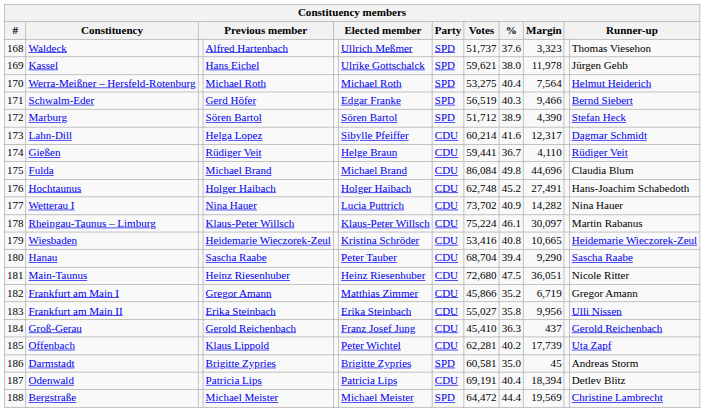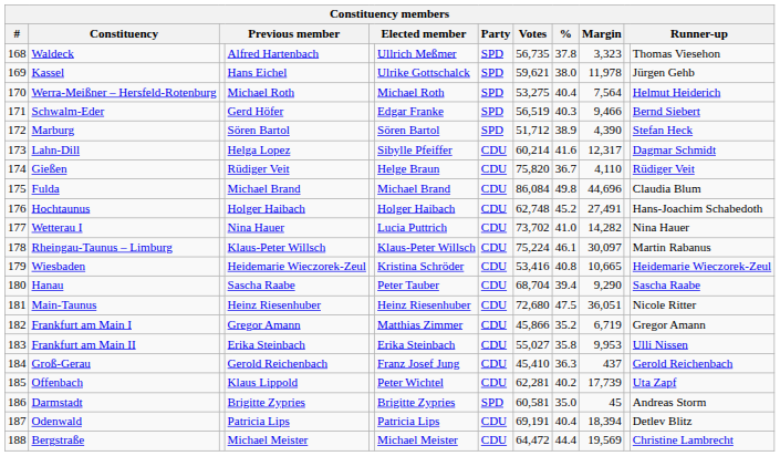 <table class="wikitable sortable" style="text-align:right">
 <tr>
 <th colspan="12">Constituency members</th>
 </tr>
 <tr>
 <th>#</th>
 <th>Constituency</th>
 <th colspan="2">Previous member</th>
 <th colspan="2">Elected member</th>
 <th>Party</th>
 <th>Votes</th>
 <th>%</th>
 <th>Margin</th>
 <th colspan="2">Runner-up</th>
 </tr>
 <tr>
 <td>168</td>
 <td align=left><a href='#'>Waldeck</a></td>
 <td bgcolor=></td>
 <td align=left><a href='#'>Alfred Hartenbach</a></td>
 <td></td>
 <td align=left><a href='#'>Ullrich Meßmer</a></td>
 <td align="left"><a href='#'>SPD</a></td>
-<td>51,737</td>
-<td>37.6</td>
+<td>56,735</td>
+<td>37.8</td>
 <td>3,323</td>
 <td bgcolor=></td>
 <td align=left>Thomas Viesehon</td>
 </tr>
 <tr>
 <td>169</td>
 <td align=left><a href='#'>Kassel</a></td>
 <td bgcolor=></td>
 <td align=left><a href='#'>Hans Eichel</a></td>
 <td bgcolor=></td>
 <td align=left><a href='#'>Ulrike Gottschalck</a></td>
 <td align="left"><a href='#'>SPD</a></td>
 <td>59,621</td>
 <td>38.0</td>
 <td>11,978</td>
 <td bgcolor=></td>
 <td align=left>Jürgen Gehb</td>
 </tr>
 <tr>
 <td>170</td>
 <td align=left><a href='#'>Werra-Meißner – Hersfeld-Rotenburg</a></td>
 <td bgcolor=></td>
 <td align=left><a href='#'>Michael Roth</a></td>
 <td bgcolor=></td>
 <td align=left><a href='#'>Michael Roth</a></td>
 <td align=left><a href='#'>SPD</a></td>
 <td>53,275</td>
 <td>40.4</td>
 <td>7,564</td>
 <td bgcolor=></td>
 <td align=left><a href='#'>Helmut Heiderich</a></td>
 </tr>
 <tr>
 <td>171</td>
 <td align=left><a href='#'>Schwalm-Eder</a></td>
 <td bgcolor=></td>
 <td align=left><a href='#'>Gerd Höfer</a></td>
 <td></td>
 <td align=left><a href='#'>Edgar Franke</a></td>
 <td align=left><a href='#'>SPD</a></td>
 <td>56,519</td>
 <td>40.3</td>
 <td>9,466</td>
 <td bgcolor=></td>
 <td align=left><a href='#'>Bernd Siebert</a></td>
 </tr>
 <tr>
 <td>172</td>
 <td align=left><a href='#'>Marburg</a></td>
 <td bgcolor=></td>
 <td align=left><a href='#'>Sören Bartol</a></td>
 <td bgcolor=></td>
 <td align=left><a href='#'>Sören Bartol</a></td>
 <td align=left><a href='#'>SPD</a></td>
 <td>51,712</td>
 <td>38.9</td>
 <td>4,390</td>
 <td bgcolor=></td>
 <td align=left><a href='#'>Stefan Heck</a></td>
 </tr>
 <tr>
 <td>173</td>
 <td align=left><a href='#'>Lahn-Dill</a></td>
 <td bgcolor=></td>
 <td align=left><a href='#'>Helga Lopez</a></td>
 <td></td>
 <td align=left><a href='#'>Sibylle Pfeiffer</a></td>
 <td align="left"><a href='#'>CDU</a></td>
 <td>60,214</td>
 <td>41.6</td>
 <td>12,317</td>
 <td bgcolor=></td>
 <td align=left><a href='#'>Dagmar Schmidt</a></td>
 </tr>
 <tr>
 <td>174</td>
 <td align=left><a href='#'>Gießen</a></td>
 <td bgcolor=></td>
 <td align=left><a href='#'>Rüdiger Veit</a></td>
 <td></td>
 <td align=left><a href='#'>Helge Braun</a></td>
 <td align=left><a href='#'>CDU</a></td>
-<td>59,441</td>
+<td>75,820</td>
 <td>36.7</td>
 <td>4,110</td>
 <td bgcolor=></td>
 <td align=left><a href='#'>Rüdiger Veit</a></td>
 </tr>
 <tr>
 <td>175</td>
 <td align=left><a href='#'>Fulda</a></td>
 <td bgcolor=></td>
 <td align=left><a href='#'>Michael Brand</a></td>
 <td bgcolor=></td>
 <td align=left><a href='#'>Michael Brand</a></td>
 <td align=left><a href='#'>CDU</a></td>
 <td>86,084</td>
 <td>49.8</td>
 <td>44,696</td>
 <td bgcolor=></td>
 <td align=left>Claudia Blum</td>
 </tr>
 <tr>
 <td>176</td>
 <td align=left><a href='#'>Hochtaunus</a></td>
 <td bgcolor=></td>
 <td align=left><a href='#'>Holger Haibach</a></td>
 <td></td>
 <td align=left><a href='#'>Holger Haibach</a></td>
 <td align="left"><a href='#'>CDU</a></td>
 <td>62,748</td>
 <td>45.2</td>
 <td>27,491</td>
 <td bgcolor=></td>
 <td align=left>Hans-Joachim Schabedoth</td>
 </tr>
 <tr>
 <td>177</td>
 <td align=left><a href='#'>Wetterau I</a></td>
 <td bgcolor=></td>
 <td align=left><a href='#'>Nina Hauer</a></td>
 <td></td>
 <td align=left><a href='#'>Lucia Puttrich</a></td>
 <td align="left"><a href='#'>CDU</a></td>
 <td>73,702</td>
-<td>40.9</td>
+<td>41.0</td>
 <td>14,282</td>
 <td bgcolor=></td>
 <td align=left>Nina Hauer</td>
 </tr>
 <tr>
 <td>178</td>
 <td align=left><a href='#'>Rheingau-Taunus – Limburg</a></td>
 <td bgcolor=></td>
 <td align=left><a href='#'>Klaus-Peter Willsch</a></td>
 <td bgcolor=></td>
 <td align=left><a href='#'>Klaus-Peter Willsch</a></td>
 <td align=left><a href='#'>CDU</a></td>
 <td>75,224</td>
 <td>46.1</td>
 <td>30,097</td>
 <td bgcolor=></td>
 <td align=left>Martin Rabanus</td>
 </tr>
 <tr>
 <td>179</td>
 <td align=left><a href='#'>Wiesbaden</a></td>
 <td bgcolor=></td>
 <td align=left><a href='#'>Heidemarie Wieczorek-Zeul</a></td>
 <td bgcolor=></td>
 <td align=left><a href='#'>Kristina Schröder</a></td>
 <td align=left><a href='#'>CDU</a></td>
 <td>53,416</td>
 <td>40.8</td>
 <td>10,665</td>
 <td bgcolor=></td>
 <td align=left><a href='#'>Heidemarie Wieczorek-Zeul</a></td>
 </tr>
 <tr>
 <td>180</td>
 <td align=left><a href='#'>Hanau</a></td>
 <td bgcolor=></td>
 <td align=left><a href='#'>Sascha Raabe</a></td>
 <td bgcolor=></td>
 <td align=left><a href='#'>Peter Tauber</a></td>
 <td align=left><a href='#'>CDU</a></td>
 <td>68,704</td>
 <td>39.4</td>
 <td>9,290</td>
 <td bgcolor=></td>
 <td align=left><a href='#'>Sascha Raabe</a></td>
 </tr>
 <tr>
 <td>181</td>
 <td align=left><a href='#'>Main-Taunus</a></td>
 <td bgcolor=></td>
 <td align=left><a href='#'>Heinz Riesenhuber</a></td>
 <td bgcolor=></td>
 <td align=left><a href='#'>Heinz Riesenhuber</a></td>
 <td align=left><a href='#'>CDU</a></td>
 <td>72,680</td>
 <td>47.5</td>
 <td>36,051</td>
 <td bgcolor=></td>
 <td align=left>Nicole Ritter</td>
 </tr>
 <tr>
 <td>182</td>
 <td align=left><a href='#'>Frankfurt am Main I</a></td>
 <td bgcolor=></td>
 <td align=left><a href='#'>Gregor Amann</a></td>
 <td bgcolor=></td>
 <td align=left><a href='#'>Matthias Zimmer</a></td>
 <td align=left><a href='#'>CDU</a></td>
 <td>45,866</td>
 <td>35.2</td>
 <td>6,719</td>
 <td bgcolor=></td>
 <td align=left>Gregor Amann</td>
 </tr>
 <tr>
 <td>183</td>
 <td align=left><a href='#'>Frankfurt am Main II</a></td>
 <td bgcolor=></td>
 <td align=left><a href='#'>Erika Steinbach</a></td>
 <td bgcolor=></td>
 <td align=left><a href='#'>Erika Steinbach</a></td>
 <td align=left><a href='#'>CDU</a></td>
 <td>55,027</td>
 <td>35.8</td>
-<td>9,956</td>
+<td>9,953</td>
 <td bgcolor=></td>
 <td align=left><a href='#'>Ulli Nissen</a></td>
 </tr>
 <tr>
 <td>184</td>
 <td align=left><a href='#'>Groß-Gerau</a></td>
 <td bgcolor=></td>
 <td align=left><a href='#'>Gerold Reichenbach</a></td>
 <td></td>
 <td align=left><a href='#'>Franz Josef Jung</a></td>
 <td align=left><a href='#'>CDU</a></td>
 <td>45,410</td>
 <td>36.3</td>
 <td>437</td>
 <td bgcolor=></td>
 <td align=left><a href='#'>Gerold Reichenbach</a></td>
 </tr>
 <tr>
 <td>185</td>
 <td align=left><a href='#'>Offenbach</a></td>
 <td bgcolor=></td>
 <td align=left><a href='#'>Klaus Lippold</a></td>
 <td></td>
 <td align=left><a href='#'>Peter Wichtel</a></td>
 <td align="left"><a href='#'>CDU</a></td>
 <td>62,281</td>
 <td>40.2</td>
 <td>17,739</td>
 <td bgcolor=></td>
 <td align=left><a href='#'>Uta Zapf</a></td>
 </tr>
 <tr>
 <td>186</td>
 <td align=left><a href='#'>Darmstadt</a></td>
 <td bgcolor=></td>
 <td align=left><a href='#'>Brigitte Zypries</a></td>
 <td bgcolor=></td>
 <td align=left><a href='#'>Brigitte Zypries</a></td>
 <td align=left><a href='#'>SPD</a></td>
 <td>60,581</td>
 <td>35.0</td>
 <td>45</td>
 <td bgcolor=></td>
 <td align=left>Andreas Storm</td>
 </tr>
 <tr>
 <td>187</td>
 <td align=left><a href='#'>Odenwald</a></td>
 <td bgcolor=></td>
 <td align=left><a href='#'>Patricia Lips</a></td>
 <td bgcolor=></td>
 <td align=left><a href='#'>Patricia Lips</a></td>
 <td align=left><a href='#'>CDU</a></td>
 <td>69,191</td>
 <td>40.4</td>
 <td>18,394</td>
 <td bgcolor=></td>
 <td align=left>Detlev Blitz</td>
 </tr>
 <tr>
 <td>188</td>
 <td align=left><a href='#'>Bergstraße</a></td>
 <td bgcolor=></td>
 <td align=left><a href='#'>Michael Meister</a></td>
 <td bgcolor=></td>
 <td align=left><a href='#'>Michael Meister</a></td>
-<td align=left><a href='#'>SPD</a></td>
+<td align=left><a href='#'>CDU</a></td>
 <td>64,472</td>
 <td>44.4</td>
 <td>19,569</td>
 <td bgcolor=></td>
 <td align=left><a href='#'>Christine Lambrecht</a></td>
 </tr>
 </table>
